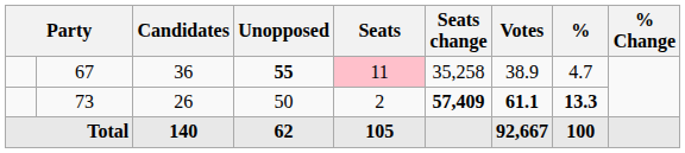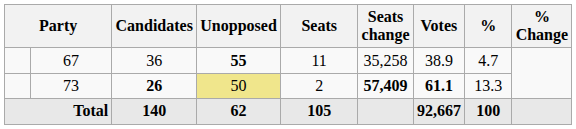 <table class="wikitable sortable">
 <tr>
 <th style="width:100px" colspan=2>Party</th>
 <th style="width:70px;">Candidates</th>
 <th style="width:70px;">Unopposed</th>
 <th style="width:70px;">Seats</th>
 <th style="width:40px;">Seats change</th>
 <th style="width:40px;">Votes</th>
 <th style="width:40px;">%</th>
 <th style="width:40px;">% Change</th>
 </tr>
 <tr>
 <td></td>
 <td align=center>67</td>
 <td align=center>36</td>
 <td align=center><strong>55</strong></td>
-<td align=center style="background: pink;">11</td>
+<td align=center>11</td>
 <td align=center>35,258</td>
 <td align=center>38.9</td>
 <td align=center>4.7</td>
 </tr>
 <tr>
 <td></td>
 <td align=center>73</td>
-<td align=center>26</td>
-<td align=center>50</td>
+<td align=center><strong>26</strong></td>
+<td align=center style="background: khaki;">50</td>
 <td align=center>2</td>
 <td align=center><strong>57,409</strong></td>
 <td align=center><strong>61.1</strong></td>
-<td align=center><strong>13.3</strong></td>
+<td align=center>13.3</td>
 </tr>
 <tr class="sortbottom" style="font-weight:bold; background:rgb(232,232,232);">
 <td colspan=2 style=text-align:right>Total</td>
 <td align=center>140</td>
 <td align=center>62</td>
 <td align=center>105</td>
 <td align=center></td>
 <td align=center>92,667</td>
 <td align=center>100</td>
 <td align=center></td>
 </tr>
 </table>
